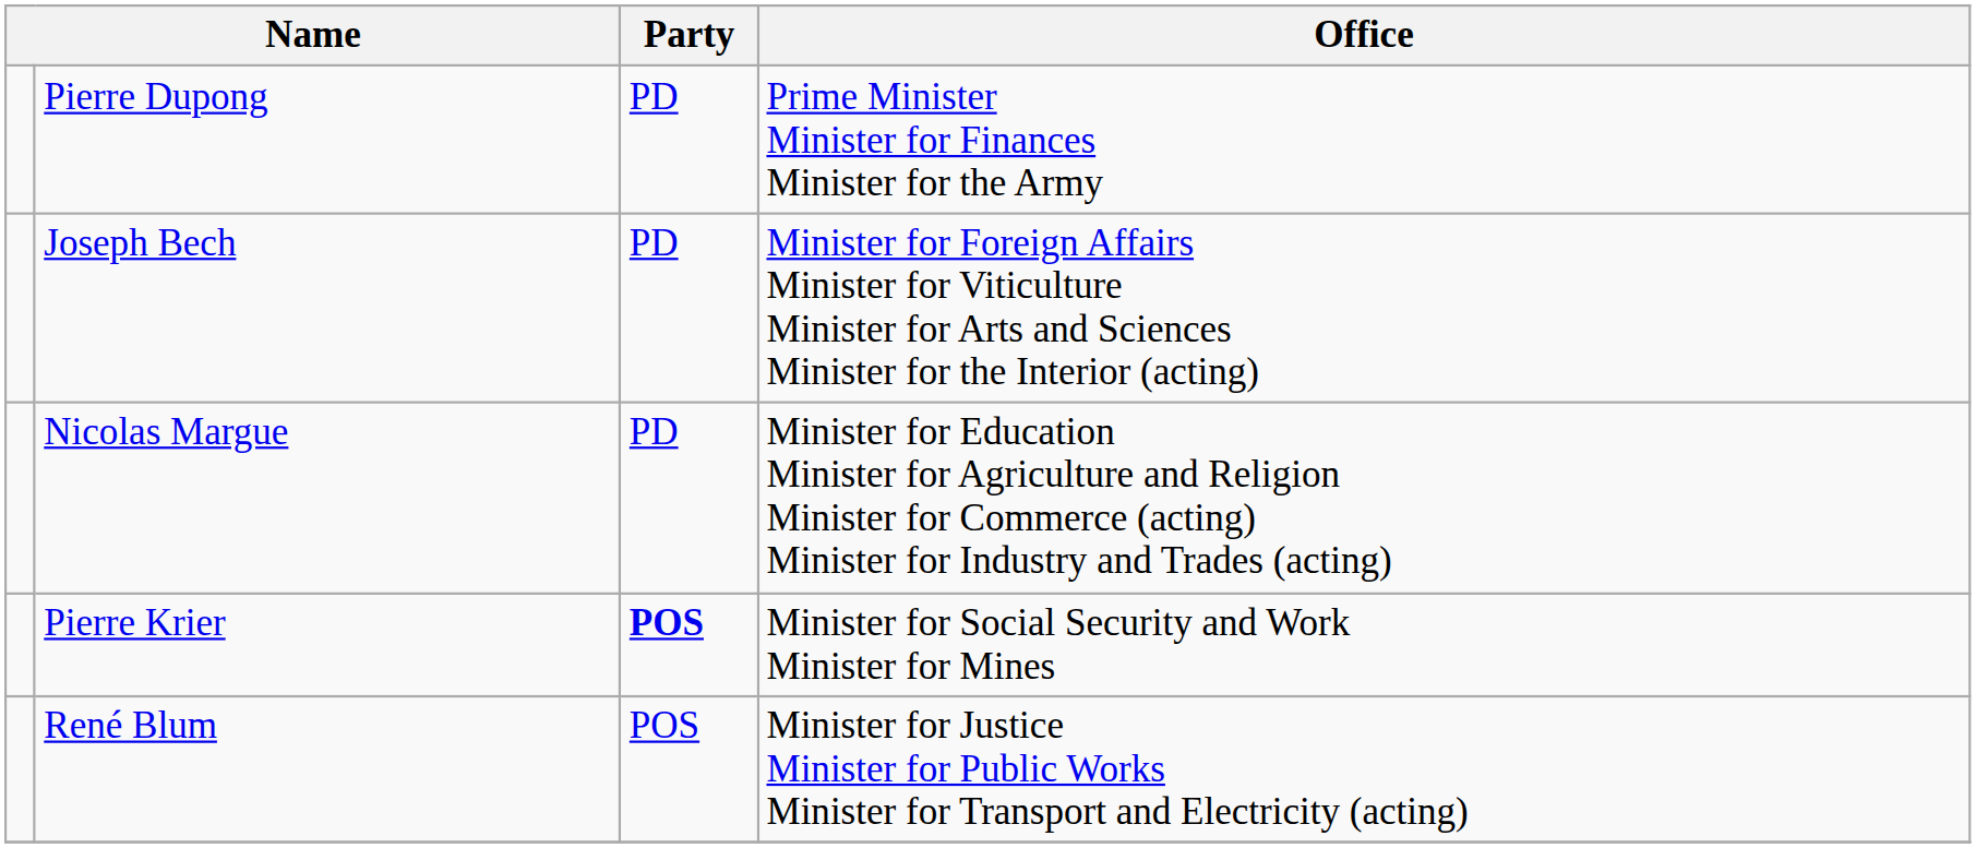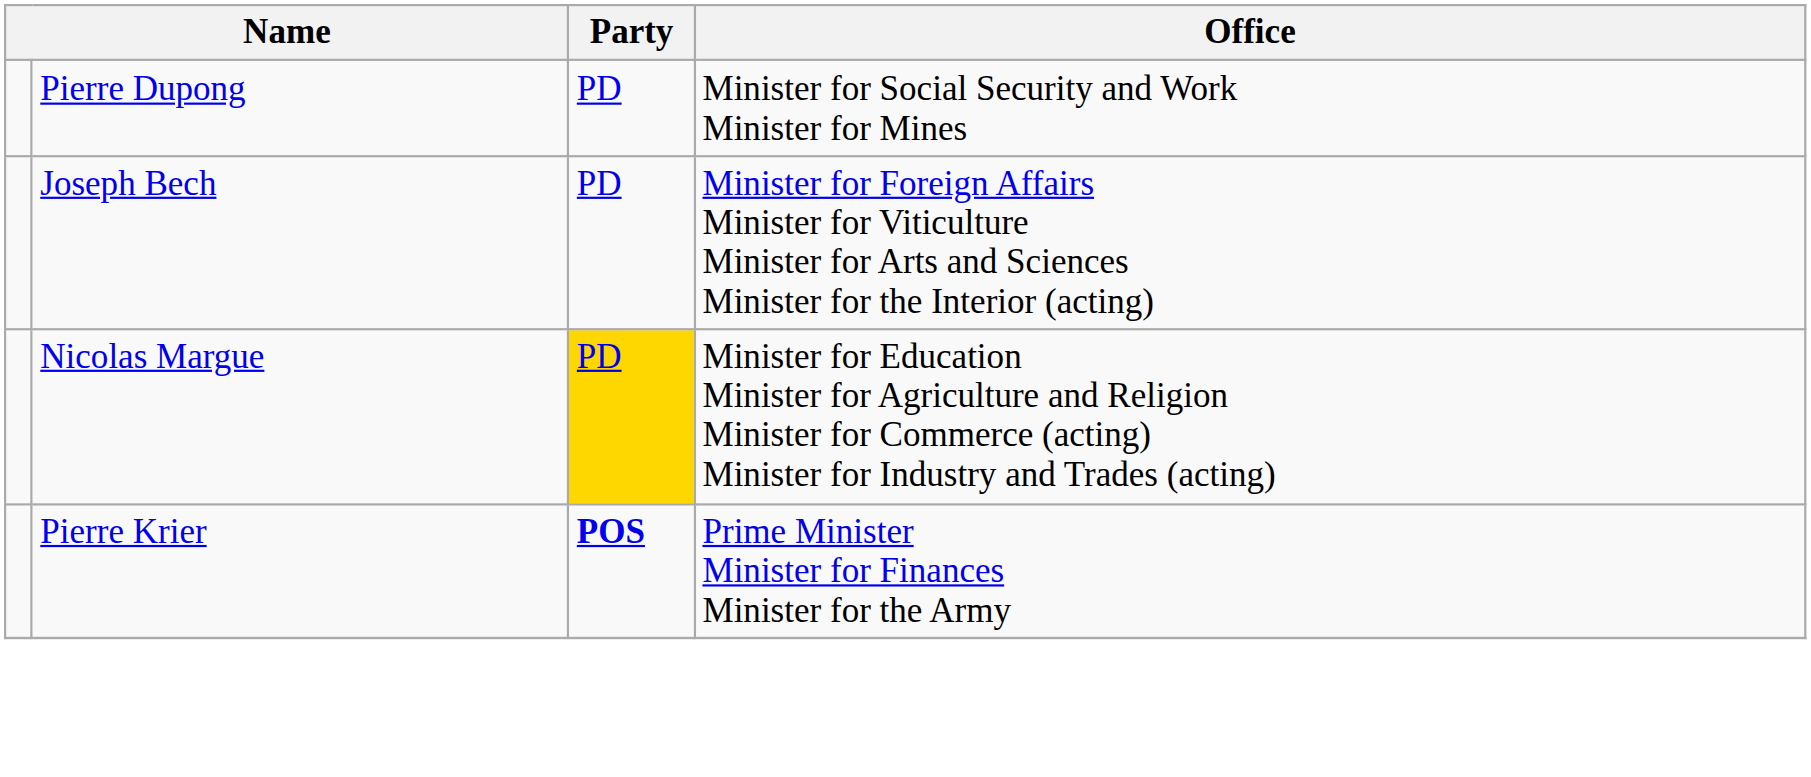 <table class="wikitable">
 <tr>
 <th colspan=2 width=250px>Name</th>
 <th width=50px>Party</th>
 <th width=500px>Office</th>
 </tr>
 <tr>
 <td width=5px style="background-color: "></td>
 <td valign=top><a href='#'>Pierre Dupong</a></td>
 <td valign=top><a href='#'>PD</a></td>
-<td><a href='#'>Prime Minister</a> <br> <a href='#'>Minister for Finances</a> <br> Minister for the Army</td>
+<td>Minister for Social Security and Work <br> Minister for Mines</td>
 </tr>
 <tr>
 <td width=5px style="background-color: "></td>
 <td valign=top><a href='#'>Joseph Bech</a></td>
 <td valign=top><a href='#'>PD</a></td>
 <td><a href='#'>Minister for Foreign Affairs</a> <br> Minister for Viticulture <br> Minister for Arts and Sciences <br> Minister for the Interior (acting)</td>
 </tr>
 <tr>
 <td style="background-color: "></td>
 <td valign=top><a href='#'>Nicolas Margue</a></td>
-<td valign=top><a href='#'>PD</a></td>
+<td valign=top style="background: gold;"><a href='#'>PD</a></td>
 <td>Minister for Education <br> Minister for Agriculture and Religion <br> Minister for Commerce (acting) <br> Minister for Industry and Trades (acting)</td>
 </tr>
 <tr>
 <td style="background-color: "></td>
 <td valign=top><a href='#'>Pierre Krier</a></td>
 <td valign=top><strong><a href='#'>POS</a></strong></td>
-<td>Minister for Social Security and Work <br> Minister for Mines</td>
-</tr>
-<tr>
-<td style="background-color: "></td>
-<td valign=top><a href='#'>René Blum</a></td>
-<td valign=top><a href='#'>POS</a></td>
-<td>Minister for Justice <br> <a href='#'>Minister for Public Works</a> <br> Minister for Transport and Electricity (acting)</td>
+<td><a href='#'>Prime Minister</a> <br> <a href='#'>Minister for Finances</a> <br> Minister for the Army</td>
 </tr>
 <tr>
 </tr>
 </table>
